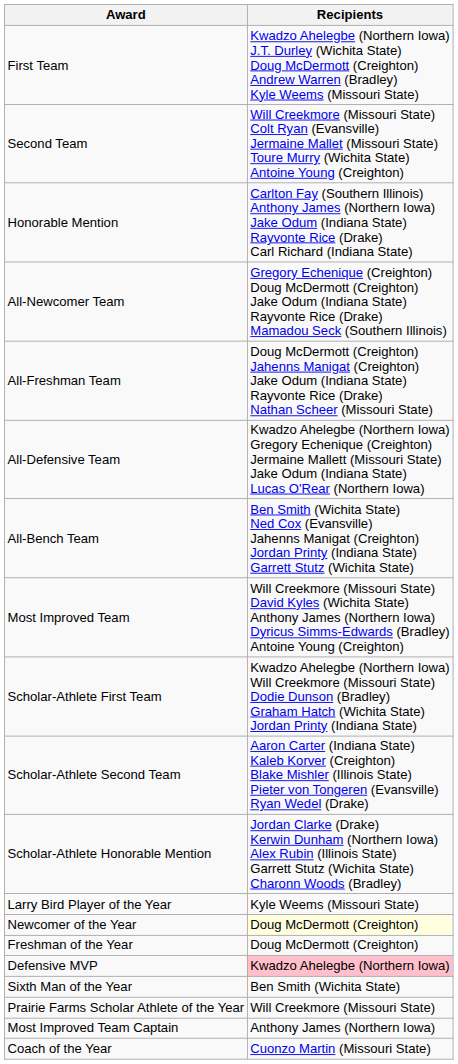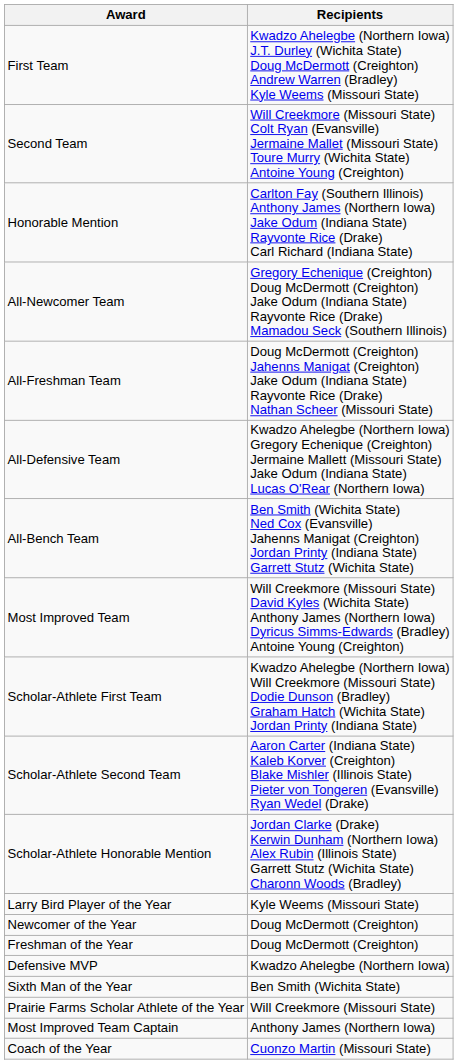 <table class="wikitable" style="white-space:nowrap; font-size:90%;">
 <tr>
 <th>Award</th>
 <th>Recipients</th>
 </tr>
 <tr>
 <td>First Team</td>
 <td><a href='#'>Kwadzo Ahelegbe</a> (Northern Iowa)<br><a href='#'>J.T. Durley</a> (Wichita State)<br><a href='#'>Doug McDermott</a> (Creighton)<br><a href='#'>Andrew Warren</a> (Bradley)<br><a href='#'>Kyle Weems</a> (Missouri State)</td>
 </tr>
 <tr>
 <td>Second Team</td>
 <td><a href='#'>Will Creekmore</a> (Missouri State)<br><a href='#'>Colt Ryan</a> (Evansville)<br><a href='#'>Jermaine Mallet</a> (Missouri State)<br><a href='#'>Toure Murry</a> (Wichita State)<br><a href='#'>Antoine Young</a> (Creighton)</td>
 </tr>
 <tr>
 <td>Honorable Mention</td>
 <td><a href='#'>Carlton Fay</a> (Southern Illinois)<br><a href='#'>Anthony James</a> (Northern Iowa)<br><a href='#'>Jake Odum</a> (Indiana State)<br><a href='#'>Rayvonte Rice</a> (Drake)<br>Carl Richard (Indiana State)</td>
 </tr>
 <tr>
 <td>All-Newcomer Team</td>
 <td><a href='#'>Gregory Echenique</a> (Creighton)<br>Doug McDermott (Creighton)<br>Jake Odum (Indiana State)<br>Rayvonte Rice (Drake)<br><a href='#'>Mamadou Seck</a> (Southern Illinois)</td>
 </tr>
 <tr>
 <td>All-Freshman Team</td>
 <td>Doug McDermott (Creighton)<br><a href='#'>Jahenns Manigat</a> (Creighton)<br>Jake Odum (Indiana State)<br>Rayvonte Rice (Drake)<br><a href='#'>Nathan Scheer</a> (Missouri State)</td>
 </tr>
 <tr>
 <td>All-Defensive Team</td>
 <td>Kwadzo Ahelegbe (Northern Iowa)<br>Gregory Echenique (Creighton)<br>Jermaine Mallett (Missouri State)<br>Jake Odum (Indiana State)<br><a href='#'>Lucas O'Rear</a> (Northern Iowa)</td>
 </tr>
 <tr>
 <td>All-Bench Team</td>
 <td><a href='#'>Ben Smith</a> (Wichita State)<br><a href='#'>Ned Cox</a> (Evansville)<br>Jahenns Manigat (Creighton)<br><a href='#'>Jordan Printy</a> (Indiana State)<br><a href='#'>Garrett Stutz</a> (Wichita State)</td>
 </tr>
 <tr>
 <td>Most Improved Team</td>
 <td>Will Creekmore (Missouri State)<br><a href='#'>David Kyles</a> (Wichita State)<br>Anthony James (Northern Iowa)<br><a href='#'>Dyricus Simms-Edwards</a> (Bradley)<br>Antoine Young (Creighton)</td>
 </tr>
 <tr>
 <td>Scholar-Athlete First Team</td>
 <td>Kwadzo Ahelegbe (Northern Iowa)<br>Will Creekmore (Missouri State)<br><a href='#'>Dodie Dunson</a> (Bradley)<br><a href='#'>Graham Hatch</a> (Wichita State)<br><a href='#'>Jordan Printy</a> (Indiana State)</td>
 </tr>
 <tr>
 <td>Scholar-Athlete Second Team</td>
 <td><a href='#'>Aaron Carter</a> (Indiana State)<br><a href='#'>Kaleb Korver</a> (Creighton)<br><a href='#'>Blake Mishler</a> (Illinois State)<br><a href='#'>Pieter von Tongeren</a> (Evansville)<br><a href='#'>Ryan Wedel</a> (Drake)</td>
 </tr>
 <tr>
 <td>Scholar-Athlete Honorable Mention</td>
 <td><a href='#'>Jordan Clarke</a> (Drake)<br><a href='#'>Kerwin Dunham</a> (Northern Iowa)<br><a href='#'>Alex Rubin</a> (Illinois State)<br>Garrett Stutz (Wichita State)<br><a href='#'>Charonn Woods</a> (Bradley)</td>
 </tr>
 <tr>
 <td>Larry Bird Player of the Year</td>
 <td>Kyle Weems (Missouri State)</td>
 </tr>
 <tr>
 <td>Newcomer of the Year</td>
-<td style="background: lightyellow;">Doug McDermott (Creighton)</td>
+<td>Doug McDermott (Creighton)</td>
 </tr>
 <tr>
 <td>Freshman of the Year</td>
 <td>Doug McDermott (Creighton)</td>
 </tr>
 <tr>
 <td>Defensive MVP</td>
-<td style="background: pink;">Kwadzo Ahelegbe (Northern Iowa)</td>
+<td>Kwadzo Ahelegbe (Northern Iowa)</td>
 </tr>
 <tr>
 <td>Sixth Man of the Year</td>
 <td>Ben Smith (Wichita State)</td>
 </tr>
 <tr>
 <td>Prairie Farms Scholar Athlete of the Year</td>
 <td>Will Creekmore (Missouri State)</td>
 </tr>
 <tr>
 <td>Most Improved Team Captain</td>
 <td>Anthony James (Northern Iowa)</td>
 </tr>
 <tr>
 <td>Coach of the Year</td>
 <td><a href='#'>Cuonzo Martin</a> (Missouri State)</td>
 </tr>
 </table>
